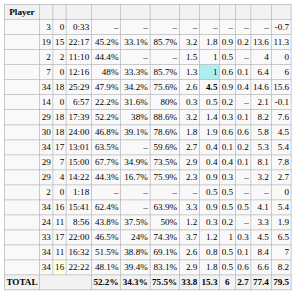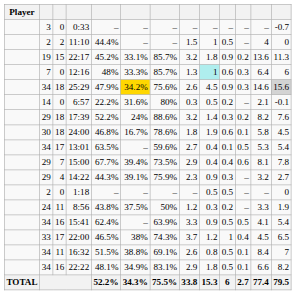 <table class="wikitable sortable" style="font-size:95%; text-align:right;">
 <tr>
 <th>Player</th>
 <th></th>
 <th></th>
 <th></th>
 <th></th>
 <th></th>
 <th></th>
 <th></th>
 <th></th>
 <th></th>
 <th></th>
 <th></th>
 <th></th>
 </tr>
 <tr>
 <td></td>
 <td>3</td>
 <td>0</td>
 <td>0:33</td>
 <td>–</td>
 <td>–</td>
 <td>–</td>
 <td>–</td>
 <td>–</td>
 <td>–</td>
 <td>–</td>
 <td>–</td>
 <td>-0.7</td>
 </tr>
 <tr>
 <td></td>
+<td>2</td>
+<td>2</td>
+<td>11:10</td>
+<td>44.4%</td>
+<td>–</td>
+<td>–</td>
+<td>1.5</td>
+<td>1</td>
+<td>0.5</td>
+<td>–</td>
+<td>4</td>
+<td>0</td>
+</tr>
+<tr>
+<td></td>
 <td>19</td>
 <td>15</td>
 <td>22:17</td>
 <td>45.2%</td>
 <td>33.1%</td>
 <td>85.7%</td>
 <td>3.2</td>
 <td>1.8</td>
 <td>0.9</td>
 <td>0.2</td>
 <td>13.6</td>
 <td>11.3</td>
 </tr>
 <tr>
 <td></td>
-<td>2</td>
-<td>2</td>
-<td>11:10</td>
-<td>44.4%</td>
-<td>–</td>
-<td>–</td>
-<td>1.5</td>
-<td>1</td>
-<td>0.5</td>
-<td>–</td>
-<td>4</td>
-<td>0</td>
-</tr>
-<tr>
-<td></td>
 <td>7</td>
 <td>0</td>
 <td>12:16</td>
 <td>48%</td>
 <td>33.3%</td>
 <td>85.7%</td>
 <td>1.3</td>
 <td style="background: paleturquoise;">1</td>
 <td>0.6</td>
-<td>0.1</td>
+<td>0.3</td>
 <td>6.4</td>
 <td>6</td>
 </tr>
 <tr>
 <td></td>
 <td>34</td>
 <td>18</td>
 <td>25:29</td>
 <td>47.9%</td>
-<td>34.2%</td>
+<td style="background: gold;">34.2%</td>
 <td>75.6%</td>
 <td>2.6</td>
-<td><strong>4.5</strong></td>
+<td>4.5</td>
 <td>0.9</td>
-<td>0.4</td>
+<td>0.3</td>
 <td>14.6</td>
-<td>15.6</td>
+<td style="background: lightgrey;">15.6</td>
 </tr>
 <tr>
 <td></td>
 <td>14</td>
 <td>0</td>
 <td>6:57</td>
 <td>22.2%</td>
 <td>31.6%</td>
 <td>80%</td>
 <td>0.3</td>
 <td>0.5</td>
 <td>0.2</td>
 <td>–</td>
 <td>2.1</td>
 <td>-0.1</td>
 </tr>
 <tr>
 <td></td>
 <td>29</td>
 <td>18</td>
 <td>17:39</td>
 <td>52.2%</td>
-<td>38%</td>
+<td>24%</td>
 <td>88.6%</td>
 <td>3.2</td>
 <td>1.4</td>
 <td>0.3</td>
-<td>0.1</td>
+<td>0.2</td>
 <td>8.2</td>
 <td>7.6</td>
 </tr>
 <tr>
 <td></td>
 <td>30</td>
 <td>18</td>
 <td>24:00</td>
 <td>46.8%</td>
-<td>39.1%</td>
+<td>16.7%</td>
 <td>78.6%</td>
 <td>1.8</td>
 <td>1.9</td>
 <td>0.6</td>
-<td>0.6</td>
+<td>0.1</td>
 <td>5.8</td>
 <td>4.5</td>
 </tr>
 <tr>
 <td></td>
 <td>34</td>
 <td>17</td>
 <td>13:01</td>
 <td>63.5%</td>
 <td>–</td>
 <td>59.6%</td>
 <td>2.7</td>
 <td>0.4</td>
 <td>0.1</td>
-<td>0.2</td>
+<td>0.5</td>
 <td>5.3</td>
 <td>5.4</td>
 </tr>
 <tr>
 <td></td>
 <td>29</td>
 <td>7</td>
 <td>15:00</td>
 <td>67.7%</td>
-<td>34.9%</td>
+<td>39.4%</td>
 <td>73.5%</td>
 <td>2.9</td>
 <td>0.4</td>
 <td>0.4</td>
-<td>0.1</td>
+<td>0.6</td>
 <td>8.1</td>
 <td>7.8</td>
 </tr>
 <tr>
 <td></td>
 <td>29</td>
 <td>4</td>
 <td>14:22</td>
 <td>44.3%</td>
-<td>16.7%</td>
+<td>39.1%</td>
 <td>75.9%</td>
 <td>2.3</td>
 <td>0.9</td>
 <td>0.3</td>
 <td>–</td>
 <td>3.2</td>
 <td>2.7</td>
 </tr>
 <tr>
 <td></td>
 <td>2</td>
 <td>0</td>
 <td>1:18</td>
 <td>–</td>
 <td>–</td>
 <td>–</td>
 <td>–</td>
 <td>0.5</td>
 <td>0.5</td>
 <td>–</td>
 <td>–</td>
 <td>0</td>
 </tr>
 <tr>
 <td></td>
+<td>24</td>
+<td>11</td>
+<td>8:56</td>
+<td>43.8%</td>
+<td>37.5%</td>
+<td>50%</td>
+<td>1.2</td>
+<td>0.3</td>
+<td>0.2</td>
+<td>–</td>
+<td>3.3</td>
+<td>1.9</td>
+</tr>
+<tr>
+<td></td>
 <td>34</td>
 <td>16</td>
 <td>15:41</td>
 <td>62.4%</td>
 <td>–</td>
 <td>63.9%</td>
 <td>3.3</td>
 <td>0.9</td>
 <td>0.5</td>
 <td>0.5</td>
 <td>4.1</td>
 <td>5.4</td>
 </tr>
 <tr>
 <td></td>
-<td>24</td>
-<td>11</td>
-<td>8:56</td>
-<td>43.8%</td>
-<td>37.5%</td>
-<td>50%</td>
-<td>1.2</td>
-<td>0.3</td>
-<td>0.2</td>
-<td>–</td>
-<td>3.3</td>
-<td>1.9</td>
-</tr>
-<tr>
-<td></td>
 <td>33</td>
 <td>17</td>
 <td>22:00</td>
 <td>46.5%</td>
-<td>24%</td>
+<td>38%</td>
 <td>74.3%</td>
 <td>3.7</td>
 <td>1.2</td>
 <td>1</td>
-<td>0.3</td>
+<td>0.4</td>
 <td>4.5</td>
 <td>6.5</td>
 </tr>
 <tr>
 <td></td>
 <td>34</td>
 <td>11</td>
 <td>16:32</td>
 <td>51.5%</td>
 <td>38.8%</td>
 <td>69.1%</td>
 <td>2.6</td>
 <td>0.8</td>
 <td>0.5</td>
 <td>0.1</td>
 <td>8.4</td>
 <td>7</td>
 </tr>
 <tr>
 <td></td>
 <td>34</td>
-<td style="background: lightyellow;">16</td>
+<td>16</td>
 <td>22:22</td>
 <td>48.1%</td>
-<td>39.4%</td>
+<td>34.9%</td>
 <td>83.1%</td>
 <td>2.9</td>
 <td>1.8</td>
 <td>0.5</td>
-<td>0.6</td>
+<td>0.1</td>
 <td>6.6</td>
 <td>8.2</td>
 </tr>
 <tr>
 <th align=center>TOTAL</th>
 <th colspan=3></th>
 <th>52.2%</th>
 <th>34.3%</th>
 <th>75.5%</th>
 <th>33.8</th>
 <th>15.3</th>
 <th>6</th>
 <th>2.7</th>
 <th>77.4</th>
 <th>79.5</th>
 </tr>
 </table>
